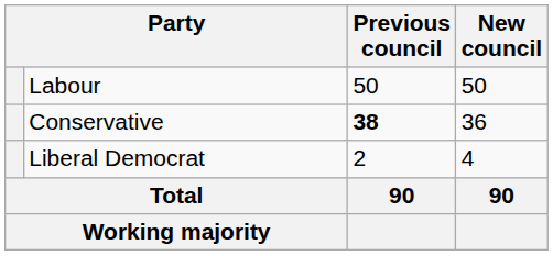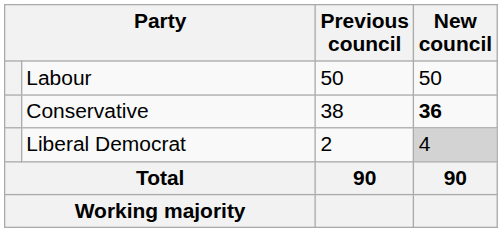 <table class="wikitable">
 <tr>
 <th valign=top colspan="2" style="width: 230px">Party</th>
 <th valign=top style="width: 30px">Previous council</th>
 <th valign=top style="width: 30px">New council</th>
 </tr>
 <tr>
 <th style="background-color: "></th>
 <td>Labour</td>
 <td>50</td>
 <td>50</td>
 </tr>
 <tr>
 <th style="background-color: "></th>
 <td>Conservative</td>
-<td><strong>38</strong></td>
-<td>36</td>
+<td>38</td>
+<td><strong>36</strong></td>
 </tr>
 <tr>
 <th style="background-color: "></th>
 <td>Liberal Democrat</td>
 <td>2</td>
-<td>4</td>
+<td style="background: lightgrey;">4</td>
 </tr>
 <tr>
 <th colspan=2>Total</th>
 <th style="text-align: center">90</th>
 <th colspan=3>90</th>
 </tr>
 <tr>
 <th colspan=2>Working majority</th>
 <th></th>
 <th></th>
 </tr>
 </table>
